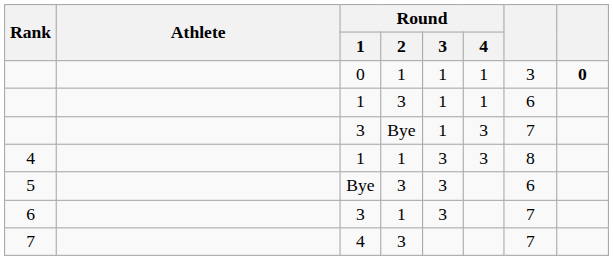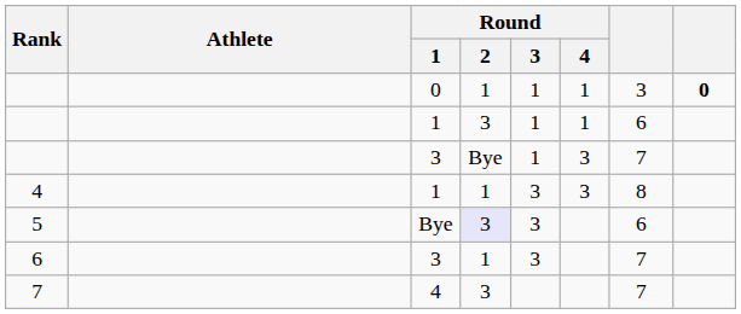 <table class="wikitable" style="text-align: center;">
 <tr>
 <th rowspan="2" width=40>Rank</th>
 <th rowspan="2" width=250>Athlete</th>
 <th colspan="4">Round</th>
 <th rowspan="2" width=40></th>
 <th rowspan="2" width=40></th>
 </tr>
 <tr>
 <th width=30>1</th>
 <th width=30>2</th>
 <th width=30>3</th>
 <th width=30>4</th>
 </tr>
 <tr>
 <td></td>
 <td align="left"></td>
 <td>0</td>
 <td>1</td>
 <td>1</td>
 <td>1</td>
 <td>3</td>
 <td><strong>0</strong></td>
 </tr>
 <tr>
 <td></td>
 <td align="left"></td>
 <td>1</td>
 <td>3</td>
 <td>1</td>
 <td>1</td>
 <td>6</td>
 <td></td>
 </tr>
 <tr>
 <td></td>
 <td align="left"></td>
 <td>3</td>
 <td>Bye</td>
 <td>1</td>
 <td>3</td>
 <td>7</td>
 <td></td>
 </tr>
 <tr>
 <td>4</td>
 <td align="left"></td>
 <td>1</td>
 <td>1</td>
 <td>3</td>
 <td>3</td>
 <td>8</td>
 <td></td>
 </tr>
 <tr>
 <td>5</td>
 <td align="left"></td>
 <td>Bye</td>
-<td>3</td>
+<td style="background: lavender;">3</td>
 <td>3</td>
 <td></td>
 <td>6</td>
 <td></td>
 </tr>
 <tr>
 <td>6</td>
 <td align="left"></td>
 <td>3</td>
 <td>1</td>
 <td>3</td>
 <td></td>
 <td>7</td>
 <td></td>
 </tr>
 <tr>
 <td>7</td>
 <td align="left"></td>
 <td>4</td>
 <td>3</td>
 <td></td>
 <td></td>
 <td>7</td>
 <td></td>
 </tr>
 </table>
